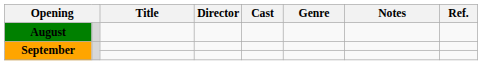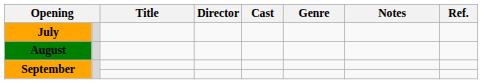 <table class="wikitable">
 <tr>
 <th colspan="2">Opening</th>
 <th style="width:20%;">Title</th>
 <th style="width:10%;">Director</th>
 <th>Cast</th>
 <th style="width:13%">Genre</th>
 <th style="width:20%">Notes</th>
 <th>Ref.</th>
+</tr>
+<tr>
+<td style="text-align:center; background:orange; textcolor:#000;"><strong>July</strong></td>
+<td style="text-align:center; background:#d8d8d8; textcolor:#000;"></td>
+<td></td>
+<td></td>
+<td></td>
+<td></td>
+<td></td>
+<td></td>
 </tr>
 <tr>
 <td style="text-align:center; background:green; textcolor:#000;"><strong>August</strong></td>
 <td rowspan="1" style="text-align:center; background:#d8d8d8; textcolor:#000;"></td>
 <td></td>
 <td></td>
 <td></td>
 <td></td>
 <td></td>
 <td></td>
 </tr>
 <tr>
 <td rowspan="2" style="text-align:center; background:orange; textcolor:#000;"><strong>September</strong></td>
 <td rowspan="2" style="text-align:center; background:#d8d8d8; textcolor:#000;"></td>
 <td></td>
 <td></td>
 <td></td>
 <td></td>
 <td></td>
 <td></td>
 </tr>
 <tr>
 <td></td>
 <td></td>
 <td></td>
 <td></td>
 <td></td>
 <td></td>
 </tr>
 </table>
